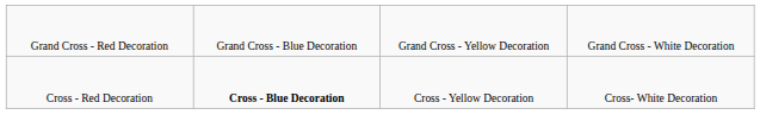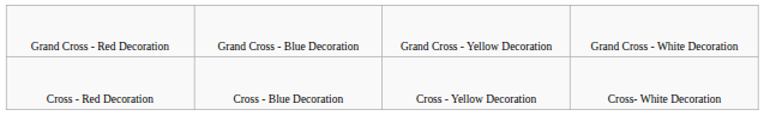 <table align=center class=wikitable width=70% style="margin: 1em auto;">
 <tr>
 <td width=20% valign=top align=center><br><br><small>Grand Cross - Red Decoration</small></td>
 <td width=20% valign=top align=center><br><br><small>Grand Cross - Blue Decoration</small></td>
 <td width=20% valign=top align=center><br><br><small>Grand Cross - Yellow Decoration</small></td>
 <td width=20% valign=top align=center><br><br><small>Grand Cross - White Decoration</small></td>
 </tr>
 <tr>
 <td width=20% valign=top align=center><br><br><small>Cross - Red Decoration</small></td>
-<td width=20% valign=top align=center><strong><br><br><small>Cross - Blue Decoration</small></strong></td>
+<td width=20% valign=top align=center><br><br><small>Cross - Blue Decoration</small></td>
 <td width=20% valign=top align=center><br><br><small>Cross - Yellow Decoration</small></td>
 <td width=20% valign=top align=center><br><br><small>Cross- White Decoration</small></td>
 </tr>
 </table>
